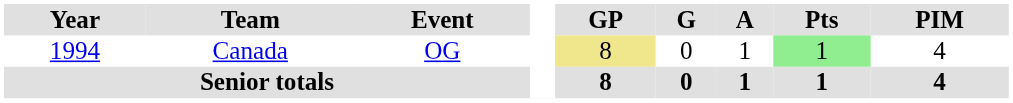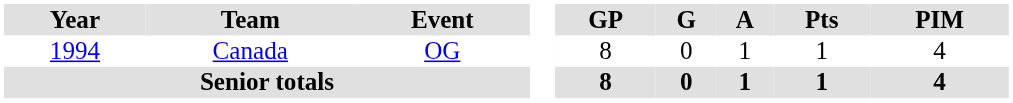 <table border="0" cellpadding="1" cellspacing="0" style="text-align:center; width:40em">
 <tr ALIGN="center" bgcolor="#e0e0e0">
 <th>Year</th>
 <th>Team</th>
 <th>Event</th>
 <th rowspan="99" bgcolor="#ffffff"> </th>
 <th>GP</th>
 <th>G</th>
 <th>A</th>
 <th>Pts</th>
 <th>PIM</th>
 </tr>
 <tr>
 <td><a href='#'>1994</a></td>
 <td><a href='#'>Canada</a></td>
 <td><a href='#'>OG</a></td>
-<td style="background: khaki;">8</td>
+<td>8</td>
 <td>0</td>
 <td>1</td>
-<td style="background: lightgreen;">1</td>
+<td>1</td>
 <td>4</td>
 </tr>
 <tr bgcolor="#e0e0e0">
 <th colspan="3">Senior totals</th>
 <th>8</th>
 <th>0</th>
 <th>1</th>
 <th>1</th>
 <th>4</th>
 </tr>
 </table>
